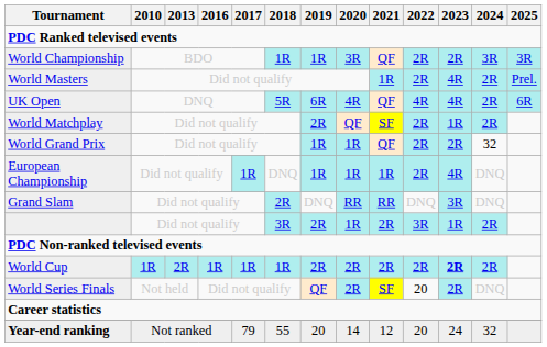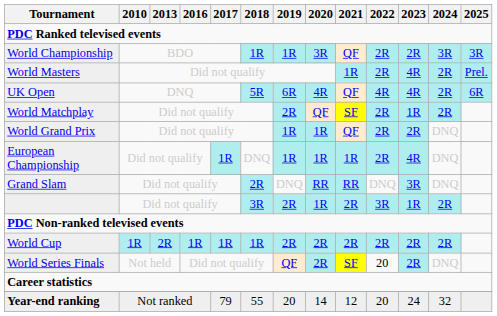 <table class="wikitable" style="width:40%; margin:0">
 <tr>
 <th>Tournament</th>
 <th>2010</th>
 <th>2013</th>
 <th>2016</th>
 <th>2017</th>
 <th>2018</th>
 <th>2019</th>
 <th>2020</th>
 <th>2021</th>
 <th>2022</th>
 <th>2023</th>
 <th>2024</th>
 <th>2025</th>
 </tr>
 <tr>
 <td colspan="20" align="left"><strong><a href='#'>PDC</a> Ranked televised events</strong></td>
 </tr>
 <tr>
 <td style="background:#efefef;"><a href='#'>World Championship</a></td>
 <td colspan="4" style="text-align:center; color:#ccc;">BDO</td>
 <td style="text-align:center; background:#afeeee;"><a href='#'>1R</a></td>
 <td style="text-align:center; background:#afeeee;"><a href='#'>1R</a></td>
 <td style="text-align:center; background:#afeeee;"><a href='#'>3R</a></td>
 <td style="text-align:center; background:#ffebcd;"><a href='#'>QF</a></td>
 <td style="text-align:center; background:#afeeee;"><a href='#'>2R</a></td>
 <td style="text-align:center; background:#afeeee;"><a href='#'>2R</a></td>
 <td style="text-align:center; background:#afeeee;"><a href='#'>3R</a></td>
 <td style="text-align:center; background:#afeeee;"><a href='#'>3R</a></td>
 </tr>
 <tr>
 <td style="background:#efefef;"><a href='#'>World Masters</a></td>
 <td colspan="7" style="text-align:center; color:#ccc;">Did not qualify</td>
 <td style="text-align:center; background:#afeeee;"><a href='#'>1R</a></td>
 <td style="text-align:center; background:#afeeee;"><a href='#'>2R</a></td>
 <td style="text-align:center; background:#afeeee;"><a href='#'>4R</a></td>
 <td style="text-align:center; background:#afeeee;"><a href='#'>2R</a></td>
 <td style="text-align:center; background:#afeeee;"><a href='#'>Prel.</a></td>
 </tr>
 <tr>
 <td style="background:#efefef;"><a href='#'>UK Open</a></td>
 <td colspan="4" style="text-align:center; color:#ccc;">DNQ</td>
 <td style="text-align:center; background:#afeeee;"><a href='#'>5R</a></td>
 <td style="text-align:center; background:#afeeee;"><a href='#'>6R</a></td>
 <td style="text-align:center; background:#afeeee;"><a href='#'>4R</a></td>
 <td style="text-align:center; background:#ffebcd;"><a href='#'>QF</a></td>
 <td style="text-align:center; background:#afeeee;"><a href='#'>4R</a></td>
 <td style="text-align:center; background:#afeeee;"><a href='#'>4R</a></td>
 <td style="text-align:center; background:#afeeee;"><a href='#'>2R</a></td>
 <td style="text-align:center; background:#afeeee;"><a href='#'>6R</a></td>
 </tr>
 <tr>
 <td style="background:#efefef;"><a href='#'>World Matchplay</a></td>
 <td colspan="5" style="text-align:center; color:#ccc;">Did not qualify</td>
 <td style="text-align:center; background:#afeeee;"><a href='#'>2R</a></td>
 <td style="text-align:center; background:#ffebcd;"><a href='#'>QF</a></td>
 <td style="text-align:center; background:yellow;"><a href='#'>SF</a></td>
 <td style="text-align:center; background:#afeeee;"><a href='#'>2R</a></td>
 <td style="text-align:center; background:#afeeee;"><a href='#'>1R</a></td>
 <td style="text-align:center; background:#afeeee;"><a href='#'>2R</a></td>
 <td></td>
 </tr>
 <tr>
 <td style="background:#efefef;"><a href='#'>World Grand Prix</a></td>
 <td colspan="5" style="text-align:center; color:#ccc;">Did not qualify</td>
 <td style="text-align:center; background:#afeeee;"><a href='#'>1R</a></td>
 <td style="text-align:center; background:#afeeee;"><a href='#'>1R</a></td>
 <td style="text-align:center; background:#ffebcd;"><a href='#'>QF</a></td>
 <td style="text-align:center; background:#afeeee;"><a href='#'>2R</a></td>
 <td style="text-align:center; background:#afeeee;"><a href='#'>2R</a></td>
-<td style="text-align:center;">32</td>
+<td style="text-align:center; color:#ccc;">DNQ</td>
 <td></td>
 </tr>
 <tr>
 <td style="background:#efefef;"><a href='#'>European Championship</a></td>
 <td colspan="3" style="text-align:center; color:#ccc;">Did not qualify</td>
 <td style="text-align:center; background:#afeeee;"><a href='#'>1R</a></td>
 <td style="text-align:center; color:#ccc;">DNQ</td>
 <td style="text-align:center; background:#afeeee;"><a href='#'>1R</a></td>
 <td style="text-align:center; background:#afeeee;"><a href='#'>1R</a></td>
 <td style="text-align:center; background:#afeeee;"><a href='#'>1R</a></td>
 <td style="text-align:center; background:#afeeee;"><a href='#'>2R</a></td>
 <td style="text-align:center; background:#afeeee;"><a href='#'>4R</a></td>
 <td style="text-align:center; color:#ccc;">DNQ</td>
 <td></td>
 </tr>
 <tr>
 <td style="background:#efefef;"><a href='#'>Grand Slam</a></td>
 <td colspan="4" style="text-align:center; color:#ccc;">Did not qualify</td>
 <td style="text-align:center; background:#afeeee;"><a href='#'>2R</a></td>
 <td style="text-align:center; color:#ccc;">DNQ</td>
 <td style="text-align:center; background:#afeeee;"><a href='#'>RR</a></td>
 <td style="text-align:center; background:#afeeee;"><a href='#'>RR</a></td>
 <td style="text-align:center; color:#ccc;">DNQ</td>
 <td style="text-align:center; background:#afeeee;"><a href='#'>3R</a></td>
 <td style="text-align:center; color:#ccc;">DNQ</td>
 <td></td>
 </tr>
 <tr>
 <td style="background:#efefef;"></td>
 <td colspan="4" style="text-align:center; color:#ccc;">Did not qualify</td>
 <td style="text-align:center; background:#afeeee;"><a href='#'>3R</a></td>
 <td style="text-align:center; background:#afeeee;"><a href='#'>2R</a></td>
 <td style="text-align:center; background:#afeeee;"><a href='#'>1R</a></td>
 <td style="text-align:center; background:#afeeee;"><a href='#'>2R</a></td>
 <td style="text-align:center; background:#afeeee;"><a href='#'>3R</a></td>
 <td style="text-align:center; background:#afeeee;"><a href='#'>1R</a></td>
 <td style="text-align:center; background:#afeeee;"><a href='#'>2R</a></td>
 <td></td>
 </tr>
 <tr>
 <td colspan="20" align="left"><strong><a href='#'>PDC</a> Non-ranked televised events</strong></td>
 </tr>
 <tr>
 <td style="background:#efefef;"><a href='#'>World Cup</a></td>
 <td style="text-align:center; background:#afeeee;"><a href='#'>1R</a></td>
 <td style="text-align:center; background:#afeeee;"><a href='#'>2R</a></td>
 <td style="text-align:center; background:#afeeee;"><a href='#'>1R</a></td>
 <td style="text-align:center; background:#afeeee;"><a href='#'>1R</a></td>
 <td style="text-align:center; background:#afeeee;"><a href='#'>1R</a></td>
 <td style="text-align:center; background:#afeeee;"><a href='#'>2R</a></td>
 <td style="text-align:center; background:#afeeee;"><a href='#'>2R</a></td>
 <td style="text-align:center; background:#afeeee;"><a href='#'>2R</a></td>
 <td style="text-align:center; background:#afeeee;"><a href='#'>2R</a></td>
-<td style="text-align:center; background:#afeeee;"><strong><a href='#'>2R</a></strong></td>
+<td style="text-align:center; background:#afeeee;"><a href='#'>2R</a></td>
 <td style="text-align:center; background:#afeeee;"><a href='#'>2R</a></td>
 <td></td>
 </tr>
 <tr>
 <td style="background:#efefef;"><a href='#'>World Series Finals</a></td>
 <td colspan="2" style="text-align:center; color:#ccc;">Not held</td>
 <td colspan="3" style="text-align:center; color:#ccc;">Did not qualify</td>
 <td style="text-align:center; background:#ffebcd;"><a href='#'>QF</a></td>
 <td style="text-align:center; background:#afeeee;"><a href='#'>2R</a></td>
 <td style="text-align:center; background:yellow;"><a href='#'>SF</a></td>
 <td style="text-align:center;">20</td>
 <td style="text-align:center; background:#afeeee;"><a href='#'>2R</a></td>
 <td style="text-align:center; color:#ccc;">DNQ</td>
 <td></td>
 </tr>
 <tr>
 <td colspan="20" align="left"><strong>Career statistics</strong></td>
 </tr>
 <tr>
 </tr>
 <tr bgcolor="efefef">
 <td align="left"><strong>Year-end ranking</strong></td>
 <td colspan="3" style="text-align:center;">Not ranked</td>
 <td style="text-align:center;">79</td>
 <td style="text-align:center;">55</td>
 <td style="text-align:center;">20</td>
 <td style="text-align:center;">14</td>
 <td style="text-align:center;">12</td>
 <td style="text-align:center;">20</td>
 <td style="text-align:center;">24</td>
 <td style="text-align:center;">32</td>
 <td></td>
 </tr>
 </table>
